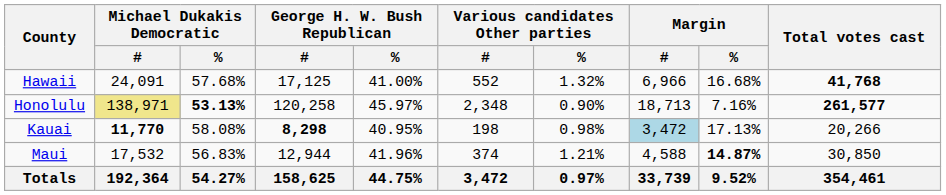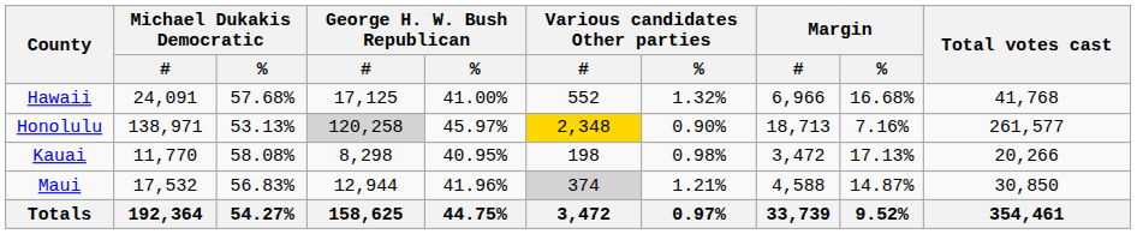 <table width="65%" class="wikitable sortable" style="text-align:center">
 <tr>
 <th colspan="1" rowspan="2">County</th>
 <th style="text-align:center;" colspan="2">Michael Dukakis<br>Democratic</th>
 <th style="text-align:center;" colspan="2">George H. W. Bush<br>Republican</th>
 <th style="text-align:center;" colspan="2">Various candidates<br>Other parties</th>
 <th style="text-align:center;" colspan="2">Margin</th>
 <th colspan="1" rowspan="2" style="text-align:center;">Total votes cast</th>
 </tr>
 <tr>
 <th data-sort-type="number" style="text-align:center;">#</th>
 <th data-sort-type="number" style="text-align:center;">%</th>
 <th data-sort-type="number" style="text-align:center;">#</th>
 <th data-sort-type="number" style="text-align:center;">%</th>
 <th data-sort-type="number" style="text-align:center;">#</th>
 <th data-sort-type="number" style="text-align:center;">%</th>
 <th data-sort-type="number" style="text-align:center;">#</th>
 <th data-sort-type="number" style="text-align:center;">%</th>
 </tr>
 <tr style="text-align:center;">
 <td><a href='#'>Hawaii</a></td>
 <td>24,091</td>
 <td>57.68%</td>
 <td>17,125</td>
 <td>41.00%</td>
 <td>552</td>
 <td>1.32%</td>
 <td>6,966</td>
 <td>16.68%</td>
-<td><strong>41,768</strong></td>
+<td>41,768</td>
 </tr>
 <tr style="text-align:center;">
 <td><a href='#'>Honolulu</a></td>
-<td style="background: khaki;">138,971</td>
-<td><strong>53.13%</strong></td>
-<td>120,258</td>
+<td>138,971</td>
+<td>53.13%</td>
+<td style="background: lightgrey;">120,258</td>
 <td>45.97%</td>
-<td>2,348</td>
+<td style="background: gold;">2,348</td>
 <td>0.90%</td>
 <td>18,713</td>
 <td>7.16%</td>
-<td><strong>261,577</strong></td>
+<td>261,577</td>
 </tr>
 <tr style="text-align:center;">
 <td><a href='#'>Kauai</a></td>
-<td><strong>11,770</strong></td>
+<td>11,770</td>
 <td>58.08%</td>
-<td><strong>8,298</strong></td>
+<td>8,298</td>
 <td>40.95%</td>
 <td>198</td>
 <td>0.98%</td>
-<td style="background: lightblue;">3,472</td>
+<td>3,472</td>
 <td>17.13%</td>
 <td>20,266</td>
 </tr>
 <tr style="text-align:center;">
 <td><a href='#'>Maui</a></td>
 <td>17,532</td>
 <td>56.83%</td>
 <td>12,944</td>
 <td>41.96%</td>
-<td>374</td>
+<td style="background: lightgrey;">374</td>
 <td>1.21%</td>
 <td>4,588</td>
-<td><strong>14.87%</strong></td>
+<td>14.87%</td>
 <td>30,850</td>
 </tr>
 <tr style="text-align:center;">
 <th>Totals</th>
 <th>192,364</th>
 <th>54.27%</th>
 <th>158,625</th>
 <th>44.75%</th>
 <th>3,472</th>
 <th>0.97%</th>
 <th>33,739</th>
 <th>9.52%</th>
 <th>354,461</th>
 </tr>
 </table>
